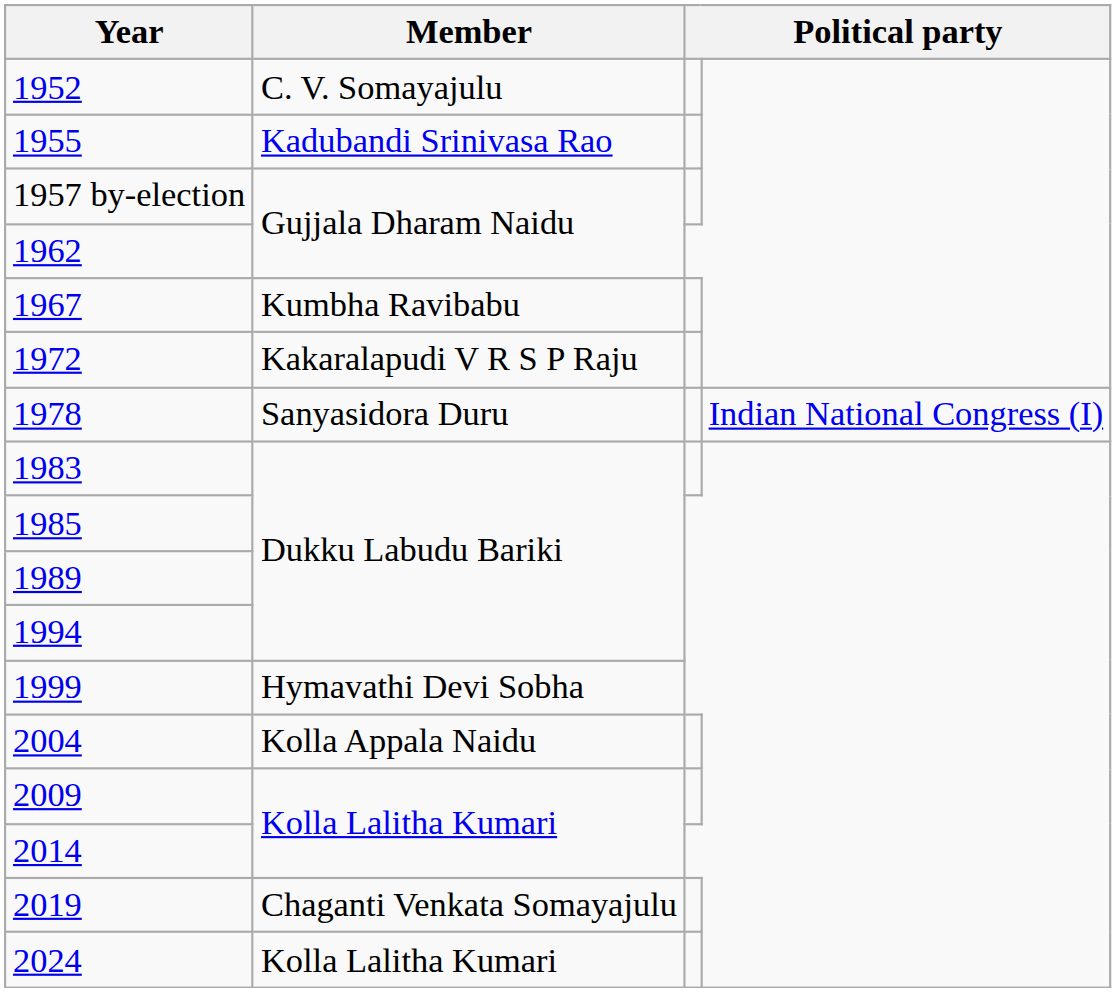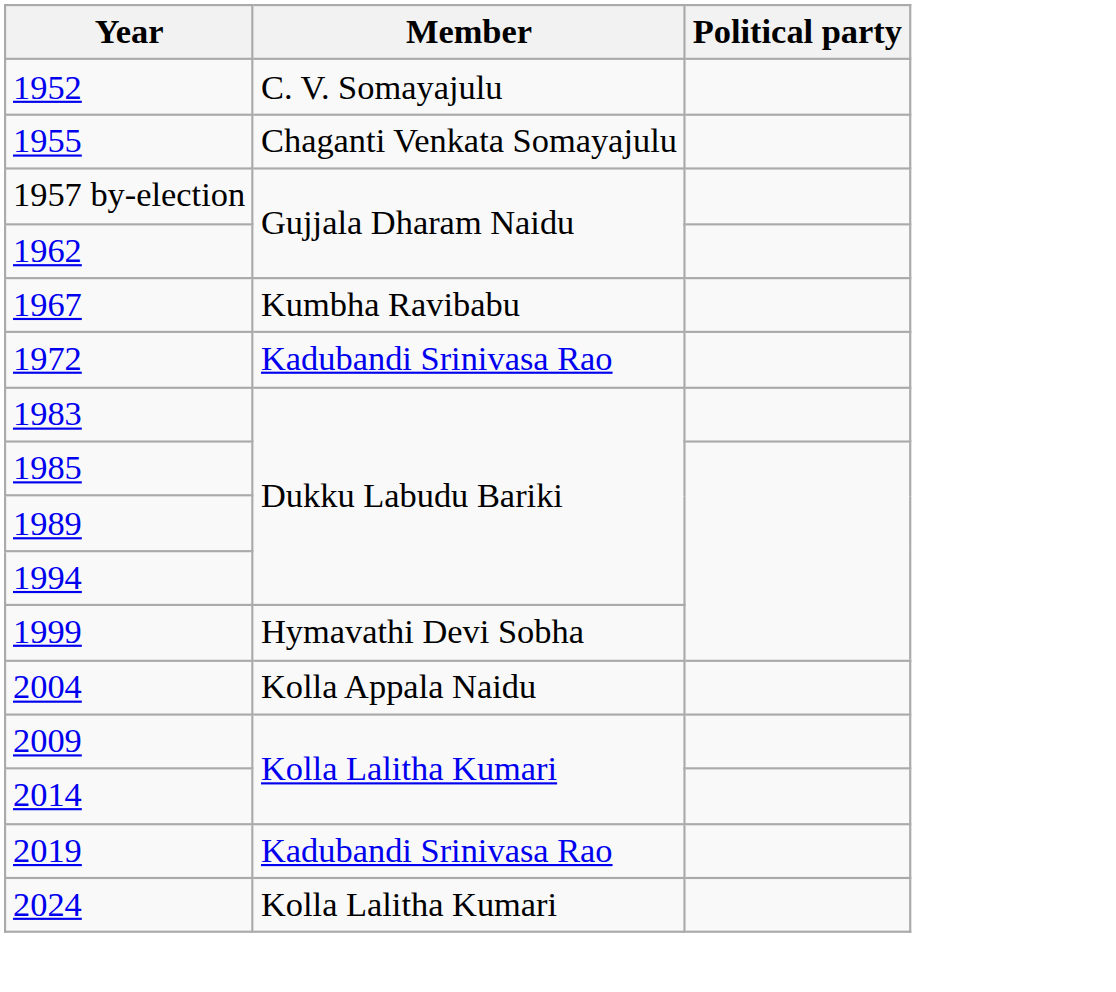 <table class="wikitable sortable">
 <tr>
 <th>Year</th>
 <th>Member</th>
 <th colspan="2">Political party</th>
 </tr>
 <tr>
 <td><a href='#'>1952</a></td>
 <td>C. V. Somayajulu</td>
 <td></td>
 </tr>
 <tr>
 <td><a href='#'>1955</a></td>
-<td><a href='#'>Kadubandi Srinivasa Rao</a></td>
+<td>Chaganti Venkata Somayajulu</td>
 <td></td>
 </tr>
 <tr>
 <td>1957 by-election</td>
 <td rowspan=2>Gujjala Dharam Naidu</td>
 <td></td>
 </tr>
 <tr>
 <td><a href='#'>1962</a></td>
 </tr>
 <tr>
 <td><a href='#'>1967</a></td>
 <td>Kumbha Ravibabu</td>
 <td></td>
 </tr>
 <tr>
 <td><a href='#'>1972</a></td>
-<td>Kakaralapudi V R S P Raju</td>
+<td><a href='#'>Kadubandi Srinivasa Rao</a></td>
 <td></td>
-</tr>
-<tr>
-<td><a href='#'>1978</a></td>
-<td>Sanyasidora Duru</td>
-<td style="background-color: "></td>
-<td><a href='#'>Indian National Congress (I)</a></td>
 </tr>
 <tr>
 <td><a href='#'>1983</a></td>
 <td rowspan=4>Dukku Labudu Bariki</td>
 <td></td>
 </tr>
 <tr>
 <td><a href='#'>1985</a></td>
 </tr>
 <tr>
 <td><a href='#'>1989</a></td>
 </tr>
 <tr>
 <td><a href='#'>1994</a></td>
 </tr>
 <tr>
 <td><a href='#'>1999</a></td>
 <td>Hymavathi Devi Sobha</td>
 </tr>
 <tr>
 <td><a href='#'>2004</a></td>
 <td>Kolla Appala Naidu</td>
 <td></td>
 </tr>
 <tr>
 <td><a href='#'>2009</a></td>
 <td rowspan=2><a href='#'>Kolla Lalitha Kumari</a></td>
 <td></td>
 </tr>
 <tr>
 <td><a href='#'>2014</a></td>
 </tr>
 <tr>
 <td><a href='#'>2019</a></td>
-<td>Chaganti Venkata Somayajulu</td>
+<td><a href='#'>Kadubandi Srinivasa Rao</a></td>
 <td></td>
 </tr>
 <tr>
 <td><a href='#'>2024</a></td>
 <td>Kolla Lalitha Kumari</td>
 <td></td>
 </tr>
 </table>
